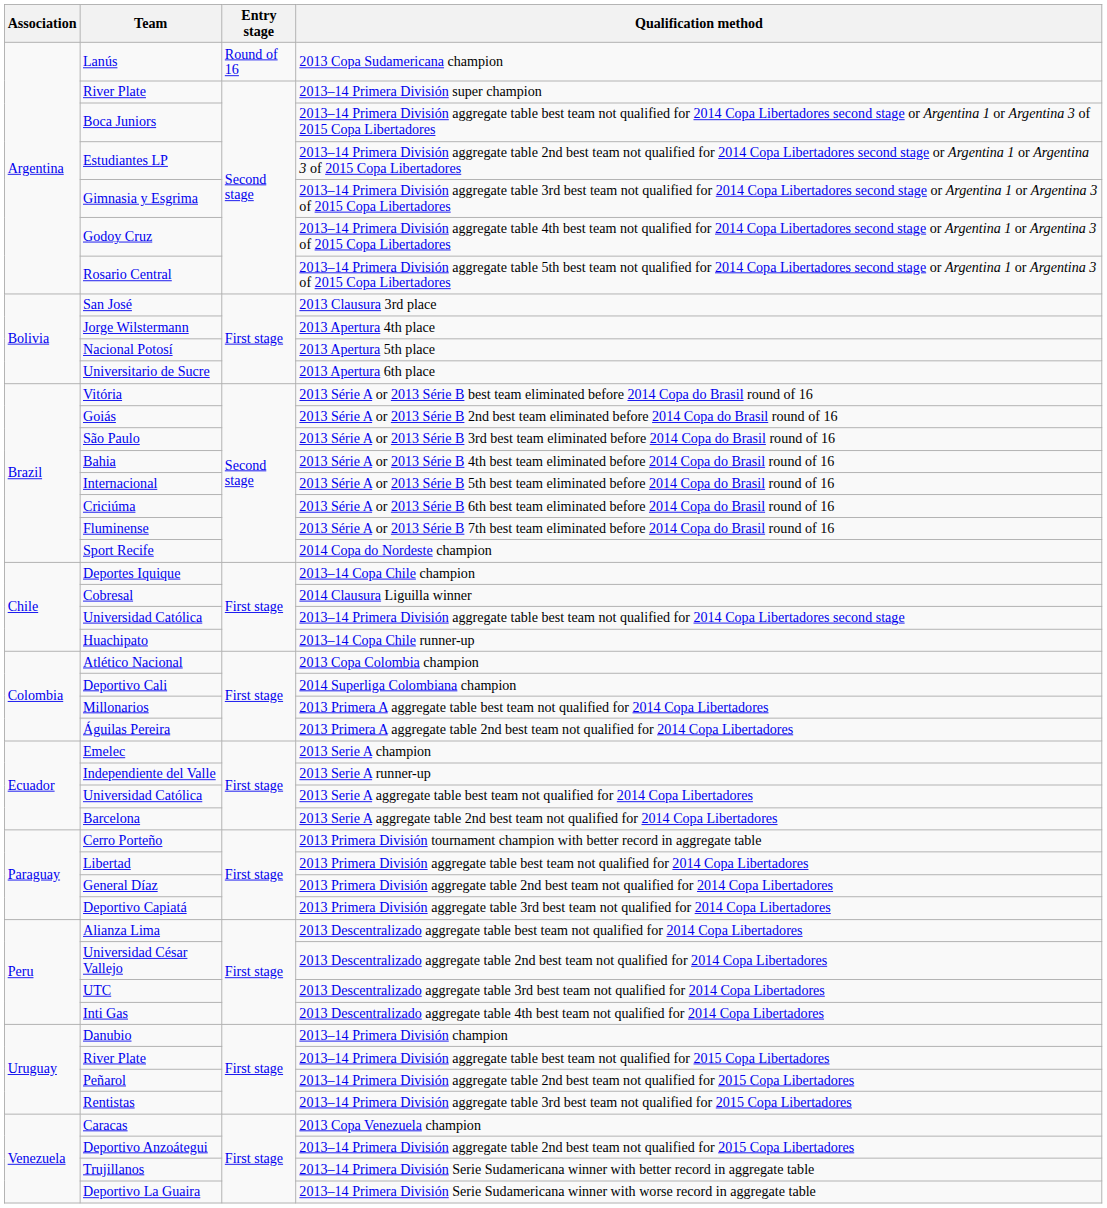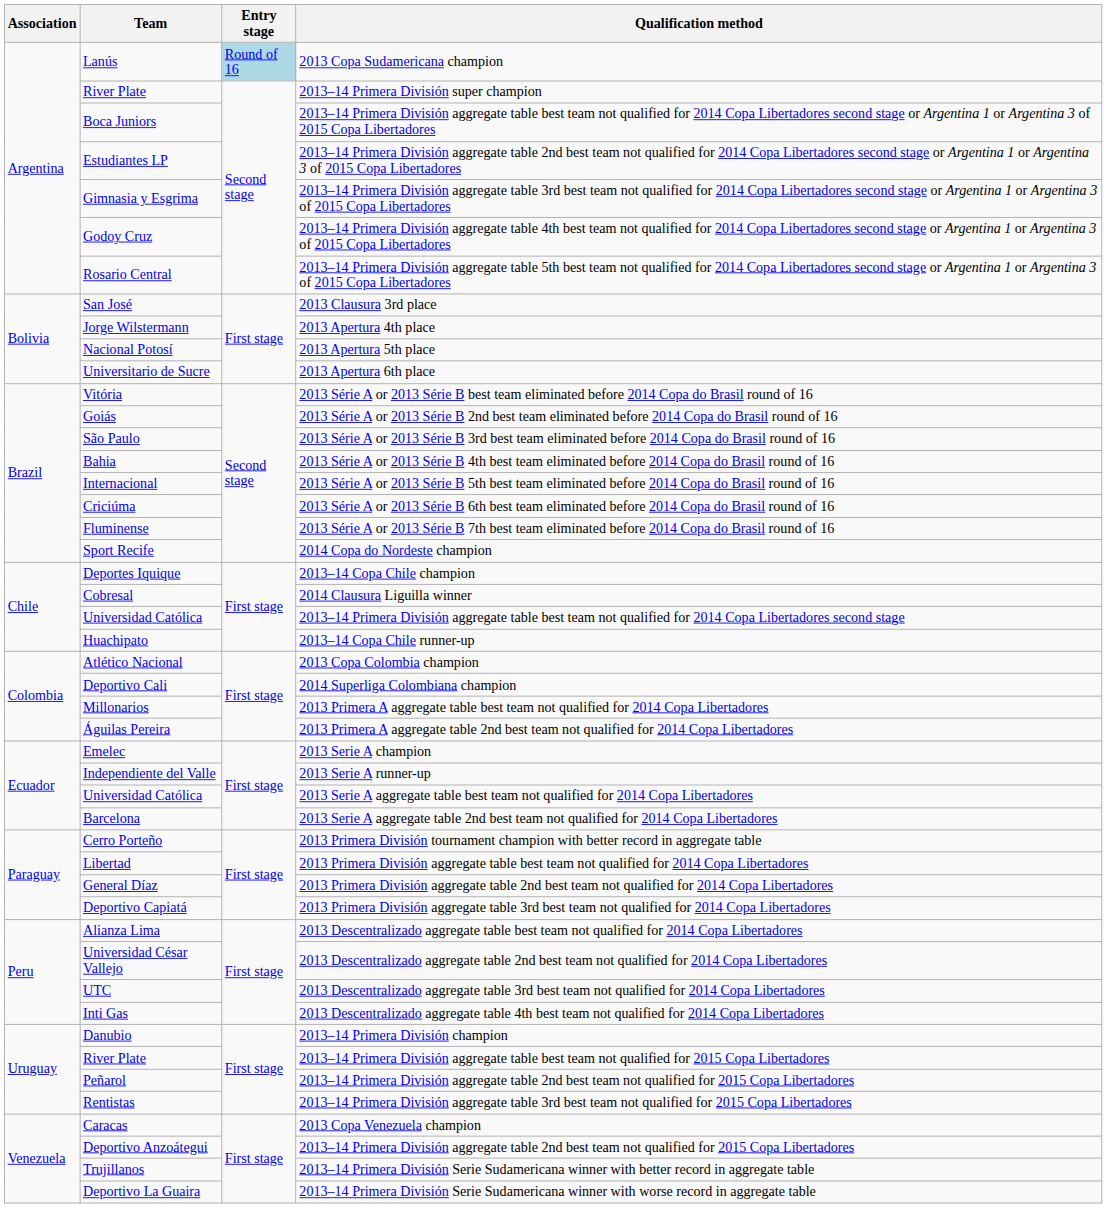 <table class="wikitable">
 <tr>
 <th>Association</th>
 <th>Team </th>
 <th>Entry stage</th>
 <th>Qualification method</th>
 </tr>
 <tr>
 <td rowspan=7> <a href='#'>Argentina</a><br></td>
 <td><a href='#'>Lanús</a> </td>
-<td><a href='#'>Round of 16</a></td>
+<td style="background: lightblue;"><a href='#'>Round of 16</a></td>
 <td><a href='#'>2013 Copa Sudamericana</a> champion</td>
 </tr>
 <tr>
 <td><a href='#'>River Plate</a> </td>
 <td rowspan=6><a href='#'>Second stage</a></td>
 <td><a href='#'>2013–14 Primera División</a> super champion</td>
 </tr>
 <tr>
 <td><a href='#'>Boca Juniors</a> </td>
 <td><a href='#'>2013–14 Primera División</a> aggregate table best team not qualified for <a href='#'>2014 Copa Libertadores second stage</a> or <em>Argentina 1</em> or <em>Argentina 3</em> of <a href='#'>2015 Copa Libertadores</a></td>
 </tr>
 <tr>
 <td><a href='#'>Estudiantes LP</a> </td>
 <td><a href='#'>2013–14 Primera División</a> aggregate table 2nd best team not qualified for <a href='#'>2014 Copa Libertadores second stage</a> or <em>Argentina 1</em> or <em>Argentina 3</em> of <a href='#'>2015 Copa Libertadores</a></td>
 </tr>
 <tr>
 <td><a href='#'>Gimnasia y Esgrima</a> </td>
 <td><a href='#'>2013–14 Primera División</a> aggregate table 3rd best team not qualified for <a href='#'>2014 Copa Libertadores second stage</a> or <em>Argentina 1</em> or <em>Argentina 3</em> of <a href='#'>2015 Copa Libertadores</a></td>
 </tr>
 <tr>
 <td><a href='#'>Godoy Cruz</a> </td>
 <td><a href='#'>2013–14 Primera División</a> aggregate table 4th best team not qualified for <a href='#'>2014 Copa Libertadores second stage</a> or <em>Argentina 1</em> or <em>Argentina 3</em> of <a href='#'>2015 Copa Libertadores</a></td>
 </tr>
 <tr>
 <td><a href='#'>Rosario Central</a> </td>
 <td><a href='#'>2013–14 Primera División</a> aggregate table 5th best team not qualified for <a href='#'>2014 Copa Libertadores second stage</a> or <em>Argentina 1</em> or <em>Argentina 3</em> of <a href='#'>2015 Copa Libertadores</a></td>
 </tr>
 <tr>
 <td rowspan=4> <a href='#'>Bolivia</a><br></td>
 <td><a href='#'>San José</a> </td>
 <td rowspan=4><a href='#'>First stage</a></td>
 <td><a href='#'>2013 Clausura</a> 3rd place</td>
 </tr>
 <tr>
 <td><a href='#'>Jorge Wilstermann</a> </td>
 <td><a href='#'>2013 Apertura</a> 4th place</td>
 </tr>
 <tr>
 <td><a href='#'>Nacional Potosí</a> </td>
 <td><a href='#'>2013 Apertura</a> 5th place</td>
 </tr>
 <tr>
 <td><a href='#'>Universitario de Sucre</a> </td>
 <td><a href='#'>2013 Apertura</a> 6th place</td>
 </tr>
 <tr>
 <td rowspan=8> <a href='#'>Brazil</a><br></td>
 <td><a href='#'>Vitória</a> </td>
 <td rowspan=8><a href='#'>Second stage</a></td>
 <td><a href='#'>2013 Série A</a> or <a href='#'>2013 Série B</a> best team eliminated before <a href='#'>2014 Copa do Brasil</a> round of 16</td>
 </tr>
 <tr>
 <td><a href='#'>Goiás</a> </td>
 <td><a href='#'>2013 Série A</a> or <a href='#'>2013 Série B</a> 2nd best team eliminated before <a href='#'>2014 Copa do Brasil</a> round of 16</td>
 </tr>
 <tr>
 <td><a href='#'>São Paulo</a> </td>
 <td><a href='#'>2013 Série A</a> or <a href='#'>2013 Série B</a> 3rd best team eliminated before <a href='#'>2014 Copa do Brasil</a> round of 16</td>
 </tr>
 <tr>
 <td><a href='#'>Bahia</a> </td>
 <td><a href='#'>2013 Série A</a> or <a href='#'>2013 Série B</a> 4th best team eliminated before <a href='#'>2014 Copa do Brasil</a> round of 16</td>
 </tr>
 <tr>
 <td><a href='#'>Internacional</a> </td>
 <td><a href='#'>2013 Série A</a> or <a href='#'>2013 Série B</a> 5th best team eliminated before <a href='#'>2014 Copa do Brasil</a> round of 16</td>
 </tr>
 <tr>
 <td><a href='#'>Criciúma</a> </td>
 <td><a href='#'>2013 Série A</a> or <a href='#'>2013 Série B</a> 6th best team eliminated before <a href='#'>2014 Copa do Brasil</a> round of 16</td>
 </tr>
 <tr>
 <td><a href='#'>Fluminense</a> </td>
 <td><a href='#'>2013 Série A</a> or <a href='#'>2013 Série B</a> 7th best team eliminated before <a href='#'>2014 Copa do Brasil</a> round of 16</td>
 </tr>
 <tr>
 <td><a href='#'>Sport Recife</a> </td>
 <td><a href='#'>2014 Copa do Nordeste</a> champion</td>
 </tr>
 <tr>
 <td rowspan=4> <a href='#'>Chile</a><br></td>
 <td><a href='#'>Deportes Iquique</a> </td>
 <td rowspan=4><a href='#'>First stage</a></td>
 <td><a href='#'>2013–14 Copa Chile</a> champion</td>
 </tr>
 <tr>
 <td><a href='#'>Cobresal</a> </td>
 <td><a href='#'>2014 Clausura</a> Liguilla winner</td>
 </tr>
 <tr>
 <td><a href='#'>Universidad Católica</a> </td>
 <td><a href='#'>2013–14 Primera División</a> aggregate table best team not qualified for <a href='#'>2014 Copa Libertadores second stage</a></td>
 </tr>
 <tr>
 <td><a href='#'>Huachipato</a> </td>
 <td><a href='#'>2013–14 Copa Chile</a> runner-up</td>
 </tr>
 <tr>
 <td rowspan=4> <a href='#'>Colombia</a><br></td>
 <td><a href='#'>Atlético Nacional</a> </td>
 <td rowspan=4><a href='#'>First stage</a></td>
 <td><a href='#'>2013 Copa Colombia</a> champion</td>
 </tr>
 <tr>
 <td><a href='#'>Deportivo Cali</a> </td>
 <td><a href='#'>2014 Superliga Colombiana</a> champion</td>
 </tr>
 <tr>
 <td><a href='#'>Millonarios</a> </td>
 <td><a href='#'>2013 Primera A</a> aggregate table best team not qualified for <a href='#'>2014 Copa Libertadores</a></td>
 </tr>
 <tr>
 <td><a href='#'>Águilas Pereira</a> </td>
 <td><a href='#'>2013 Primera A</a> aggregate table 2nd best team not qualified for <a href='#'>2014 Copa Libertadores</a></td>
 </tr>
 <tr>
 <td rowspan=4> <a href='#'>Ecuador</a><br></td>
 <td><a href='#'>Emelec</a> </td>
 <td rowspan=4><a href='#'>First stage</a></td>
 <td><a href='#'>2013 Serie A</a> champion</td>
 </tr>
 <tr>
 <td><a href='#'>Independiente del Valle</a> </td>
 <td><a href='#'>2013 Serie A</a> runner-up</td>
 </tr>
 <tr>
 <td><a href='#'>Universidad Católica</a> </td>
 <td><a href='#'>2013 Serie A</a> aggregate table best team not qualified for <a href='#'>2014 Copa Libertadores</a></td>
 </tr>
 <tr>
 <td><a href='#'>Barcelona</a> </td>
 <td><a href='#'>2013 Serie A</a> aggregate table 2nd best team not qualified for <a href='#'>2014 Copa Libertadores</a></td>
 </tr>
 <tr>
 <td rowspan=4> <a href='#'>Paraguay</a><br></td>
 <td><a href='#'>Cerro Porteño</a> </td>
 <td rowspan=4><a href='#'>First stage</a></td>
 <td><a href='#'>2013 Primera División</a> tournament champion with better record in aggregate table</td>
 </tr>
 <tr>
 <td><a href='#'>Libertad</a> </td>
 <td><a href='#'>2013 Primera División</a> aggregate table best team not qualified for <a href='#'>2014 Copa Libertadores</a></td>
 </tr>
 <tr>
 <td><a href='#'>General Díaz</a> </td>
 <td><a href='#'>2013 Primera División</a> aggregate table 2nd best team not qualified for <a href='#'>2014 Copa Libertadores</a></td>
 </tr>
 <tr>
 <td><a href='#'>Deportivo Capiatá</a> </td>
 <td><a href='#'>2013 Primera División</a> aggregate table 3rd best team not qualified for <a href='#'>2014 Copa Libertadores</a></td>
 </tr>
 <tr>
 <td rowspan=4> <a href='#'>Peru</a><br></td>
 <td><a href='#'>Alianza Lima</a> </td>
 <td rowspan=4><a href='#'>First stage</a></td>
 <td><a href='#'>2013 Descentralizado</a> aggregate table best team not qualified for <a href='#'>2014 Copa Libertadores</a></td>
 </tr>
 <tr>
 <td><a href='#'>Universidad César Vallejo</a> </td>
 <td><a href='#'>2013 Descentralizado</a> aggregate table 2nd best team not qualified for <a href='#'>2014 Copa Libertadores</a></td>
 </tr>
 <tr>
 <td><a href='#'>UTC</a> </td>
 <td><a href='#'>2013 Descentralizado</a> aggregate table 3rd best team not qualified for <a href='#'>2014 Copa Libertadores</a></td>
 </tr>
 <tr>
 <td><a href='#'>Inti Gas</a> </td>
 <td><a href='#'>2013 Descentralizado</a> aggregate table 4th best team not qualified for <a href='#'>2014 Copa Libertadores</a></td>
 </tr>
 <tr>
 <td rowspan=4> <a href='#'>Uruguay</a><br></td>
 <td><a href='#'>Danubio</a> </td>
 <td rowspan=4><a href='#'>First stage</a></td>
 <td><a href='#'>2013–14 Primera División</a> champion</td>
 </tr>
 <tr>
 <td><a href='#'>River Plate</a> </td>
 <td><a href='#'>2013–14 Primera División</a> aggregate table best team not qualified for <a href='#'>2015 Copa Libertadores</a></td>
 </tr>
 <tr>
 <td><a href='#'>Peñarol</a> </td>
 <td><a href='#'>2013–14 Primera División</a> aggregate table 2nd best team not qualified for <a href='#'>2015 Copa Libertadores</a></td>
 </tr>
 <tr>
 <td><a href='#'>Rentistas</a> </td>
 <td><a href='#'>2013–14 Primera División</a> aggregate table 3rd best team not qualified for <a href='#'>2015 Copa Libertadores</a></td>
 </tr>
 <tr>
 <td rowspan=4> <a href='#'>Venezuela</a><br></td>
 <td><a href='#'>Caracas</a> </td>
 <td rowspan=4><a href='#'>First stage</a></td>
 <td><a href='#'>2013 Copa Venezuela</a> champion</td>
 </tr>
 <tr>
 <td><a href='#'>Deportivo Anzoátegui</a> </td>
 <td><a href='#'>2013–14 Primera División</a> aggregate table 2nd best team not qualified for <a href='#'>2015 Copa Libertadores</a></td>
 </tr>
 <tr>
 <td><a href='#'>Trujillanos</a> </td>
 <td><a href='#'>2013–14 Primera División</a> Serie Sudamericana winner with better record in aggregate table</td>
 </tr>
 <tr>
 <td><a href='#'>Deportivo La Guaira</a> </td>
 <td><a href='#'>2013–14 Primera División</a> Serie Sudamericana winner with worse record in aggregate table</td>
 </tr>
 </table>
